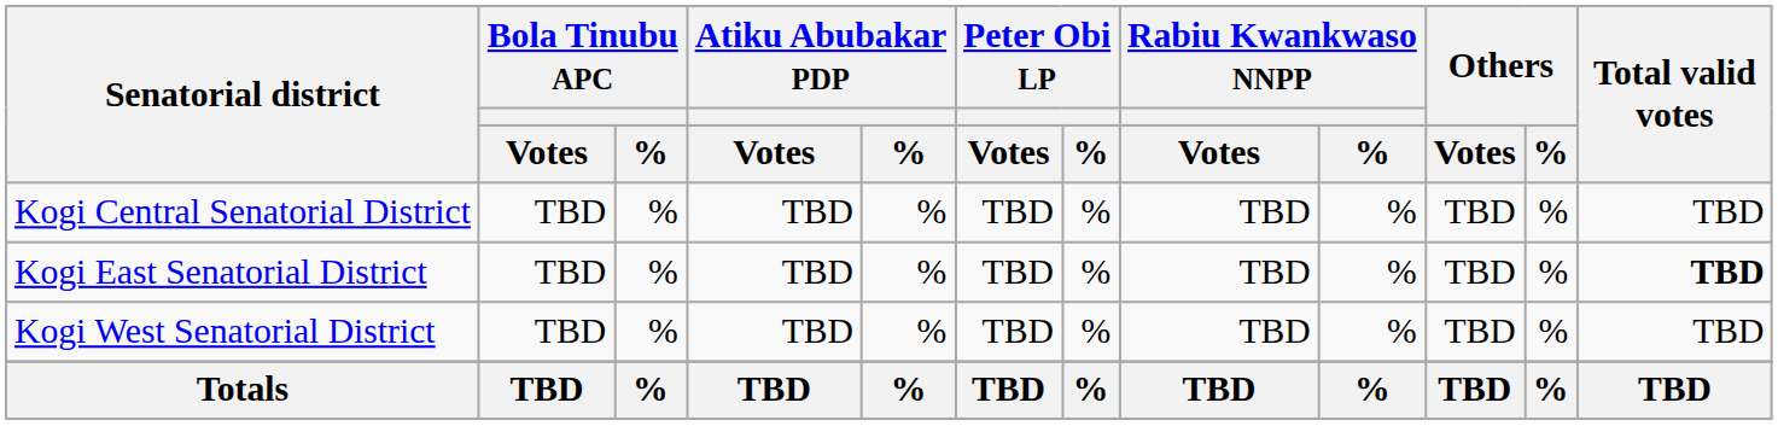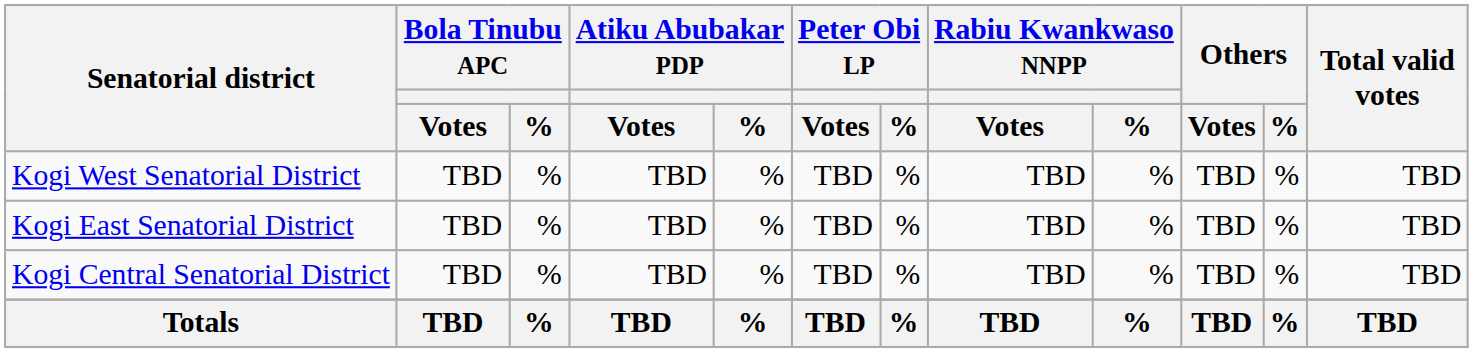 <table class="wikitable sortable" style="text-align:right; font-size:90%">
 <tr>
 <th rowspan="3" style="max-width:7.5em;">Senatorial district</th>
 <th colspan="2"><a href='#'>Bola Tinubu</a><br><small>APC</small></th>
 <th colspan="2"><a href='#'>Atiku Abubakar</a><br><small>PDP</small></th>
 <th colspan="2"><a href='#'>Peter Obi</a><br><small>LP</small></th>
 <th colspan="2"><a href='#'>Rabiu Kwankwaso</a><br><small>NNPP</small></th>
 <th colspan="2" rowspan="2">Others</th>
 <th rowspan="3" style="max-width:5em;">Total valid votes</th>
 </tr>
 <tr>
 <th colspan=2 style="background-color:"></th>
 <th colspan=2 style="background-color:"></th>
 <th colspan=2 style="background-color:"></th>
 <th colspan=2 style="background-color:"></th>
 </tr>
 <tr>
 <th>Votes</th>
 <th>%</th>
 <th>Votes</th>
 <th>%</th>
 <th>Votes</th>
 <th>%</th>
 <th>Votes</th>
 <th>%</th>
 <th>Votes</th>
 <th>%</th>
 </tr>
 <tr style="background-color:#">
-<td style="text-align:left;"><a href='#'>Kogi Central Senatorial District</a></td>
+<td style="text-align:left;"><a href='#'>Kogi West Senatorial District</a></td>
 <td>TBD</td>
 <td>%</td>
 <td>TBD</td>
 <td>%</td>
 <td>TBD</td>
 <td>%</td>
 <td>TBD</td>
 <td>%</td>
 <td>TBD</td>
 <td>%</td>
 <td>TBD</td>
 </tr>
 <tr style="background-color:#">
 <td style="text-align:left;"><a href='#'>Kogi East Senatorial District</a></td>
 <td>TBD</td>
 <td>%</td>
 <td>TBD</td>
 <td>%</td>
 <td>TBD</td>
 <td>%</td>
 <td>TBD</td>
 <td>%</td>
 <td>TBD</td>
 <td>%</td>
-<td><strong>TBD</strong></td>
+<td>TBD</td>
 </tr>
 <tr style="background-color:#">
-<td style="text-align:left;"><a href='#'>Kogi West Senatorial District</a></td>
+<td style="text-align:left;"><a href='#'>Kogi Central Senatorial District</a></td>
 <td>TBD</td>
 <td>%</td>
 <td>TBD</td>
 <td>%</td>
 <td>TBD</td>
 <td>%</td>
 <td>TBD</td>
 <td>%</td>
 <td>TBD</td>
 <td>%</td>
 <td>TBD</td>
 </tr>
 <tr>
 </tr>
 <tr>
 <th>Totals</th>
 <th>TBD</th>
 <th>%</th>
 <th>TBD</th>
 <th>%</th>
 <th>TBD</th>
 <th>%</th>
 <th>TBD</th>
 <th>%</th>
 <th>TBD</th>
 <th>%</th>
 <th>TBD</th>
 </tr>
 </table>
